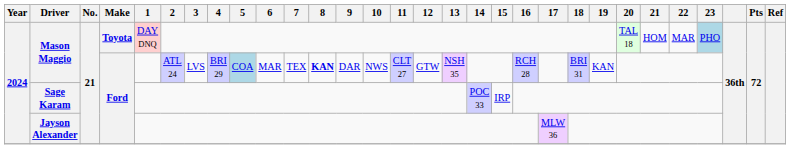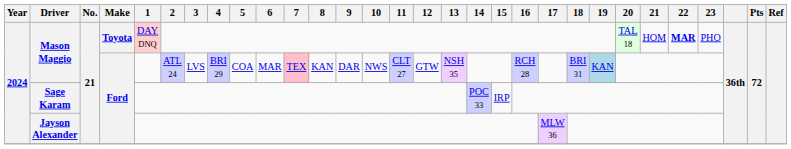 <table class="wikitable" style="text-align:center; font-size:75%">
 <tr>
 <th>Year</th>
 <th>Driver</th>
 <th>No.</th>
 <th>Make</th>
 <th>1</th>
 <th>2</th>
 <th>3</th>
 <th>4</th>
 <th>5</th>
 <th>6</th>
 <th>7</th>
 <th>8</th>
 <th>9</th>
 <th>10</th>
 <th>11</th>
 <th>12</th>
 <th>13</th>
 <th>14</th>
 <th>15</th>
 <th>16</th>
 <th>17</th>
 <th>18</th>
 <th>19</th>
 <th>20</th>
 <th>21</th>
 <th>22</th>
 <th>23</th>
 <th></th>
 <th>Pts</th>
 <th>Ref</th>
 </tr>
 <tr>
 <th rowspan=4><a href='#'>2024</a></th>
 <th rowspan=2><a href='#'>Mason Maggio</a></th>
 <th rowspan=4>21</th>
 <th><a href='#'>Toyota</a></th>
 <td style="background:#FFCFCF;"><a href='#'>DAY</a><br><small>DNQ</small></td>
 <td colspan=18></td>
 <td style="background:#DFFFDF;"><a href='#'>TAL</a><br><small>18</small></td>
 <td><a href='#'>HOM</a></td>
-<td><a href='#'>MAR</a></td>
-<td style="background: lightblue;"><a href='#'>PHO</a></td>
+<td><strong><a href='#'>MAR</a></strong></td>
+<td><a href='#'>PHO</a></td>
 <th rowspan=4>36th</th>
 <th rowspan=4>72</th>
 <th rowspan=4></th>
 </tr>
 <tr>
 <th rowspan=3><a href='#'>Ford</a></th>
 <td></td>
 <td style="background:#CFCFFF;"><a href='#'>ATL</a><br><small>24</small></td>
 <td><a href='#'>LVS</a></td>
 <td style="background:#CFCFFF;"><a href='#'>BRI</a><br><small>29</small></td>
-<td style="background: lightblue;"><a href='#'>COA</a></td>
+<td><a href='#'>COA</a></td>
 <td><a href='#'>MAR</a></td>
-<td><a href='#'>TEX</a></td>
-<td><strong><a href='#'>KAN</a></strong></td>
+<td style="background: pink;"><a href='#'>TEX</a></td>
+<td><a href='#'>KAN</a></td>
 <td><a href='#'>DAR</a></td>
 <td><a href='#'>NWS</a></td>
 <td style="background:#CFCFFF;"><a href='#'>CLT</a><br><small>27</small></td>
 <td><a href='#'>GTW</a></td>
 <td style="background:#EFCFFF;"><a href='#'>NSH</a><br><small>35</small></td>
 <td colspan="2"></td>
 <td style="background:#CFCFFF;"><a href='#'>RCH</a><br><small>28</small></td>
 <td></td>
 <td style="background:#CFCFFF;"><a href='#'>BRI</a><br><small>31</small></td>
-<td><a href='#'>KAN</a></td>
+<td style="background: lightblue;"><a href='#'>KAN</a></td>
 <td colspan=4></td>
 </tr>
 <tr>
 <th><a href='#'>Sage Karam</a></th>
 <td colspan="13"></td>
 <td style="background:#CFCFFF;"><a href='#'>POC</a><br><small>33</small></td>
 <td><a href='#'>IRP</a></td>
 <td colspan="8"></td>
 </tr>
 <tr>
 <th><a href='#'>Jayson Alexander</a></th>
 <td colspan=16></td>
 <td style="background:#EFCFFF;"><a href='#'>MLW</a><br><small>36</small></td>
 <td colspan=6></td>
 </tr>
 <tr>
 </tr>
 </table>
